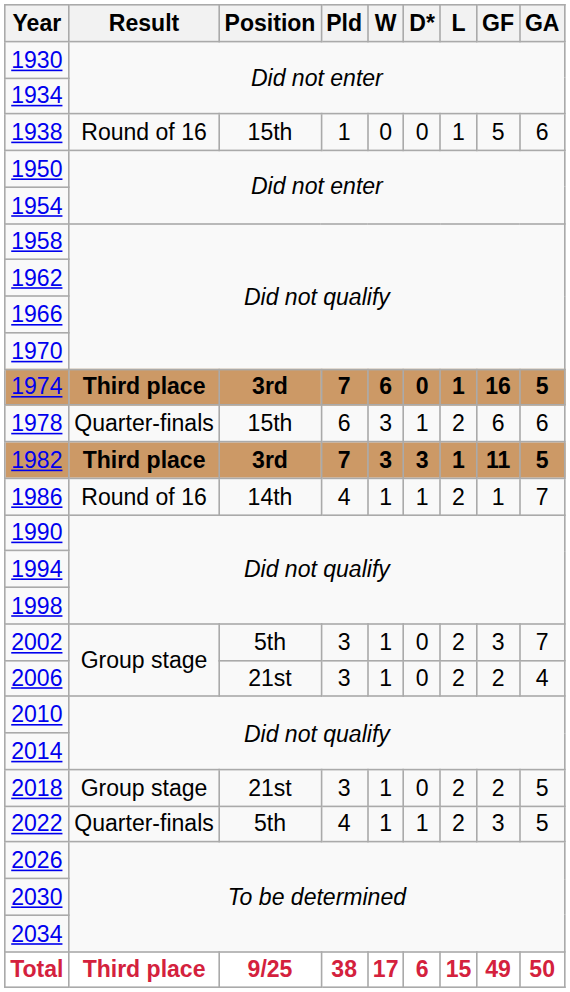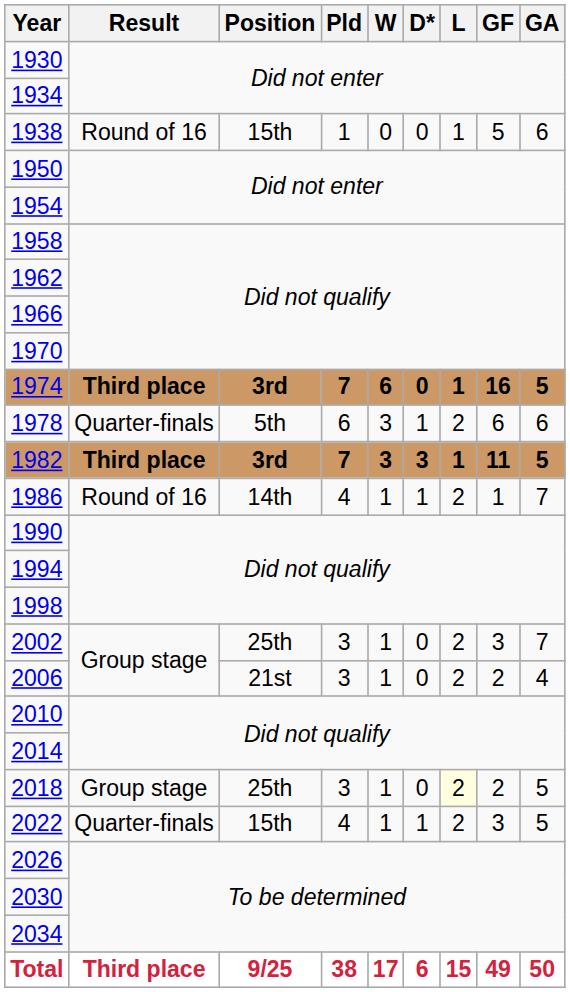 <table class="wikitable" style="font-size:90%; text-align: center;">
 <tr>
 <th>Year</th>
 <th>Result</th>
 <th>Position</th>
 <th>Pld</th>
 <th>W</th>
 <th>D*</th>
 <th>L</th>
 <th>GF</th>
 <th>GA</th>
 </tr>
 <tr>
 <td> <a href='#'>1930</a></td>
 <td rowspan=2 colspan=8><em>Did not enter</em></td>
 </tr>
 <tr>
 <td> <a href='#'>1934</a></td>
 </tr>
 <tr>
 <td> <a href='#'>1938</a></td>
 <td>Round of 16</td>
 <td>15th</td>
 <td>1</td>
 <td>0</td>
 <td>0</td>
 <td>1</td>
 <td>5</td>
 <td>6</td>
 </tr>
 <tr>
 <td> <a href='#'>1950</a></td>
 <td rowspan=2 colspan=8><em>Did not enter</em></td>
 </tr>
 <tr>
 <td> <a href='#'>1954</a></td>
 </tr>
 <tr>
 <td> <a href='#'>1958</a></td>
 <td rowspan=4 colspan=8><em>Did not qualify</em></td>
 </tr>
 <tr>
 <td> <a href='#'>1962</a></td>
 </tr>
 <tr>
 <td> <a href='#'>1966</a></td>
 </tr>
 <tr>
 <td> <a href='#'>1970</a></td>
 </tr>
 <tr style="background:#c96;">
 <td> <a href='#'>1974</a></td>
 <td><strong>Third place</strong></td>
 <td><strong>3rd</strong></td>
 <td><strong>7</strong></td>
 <td><strong>6</strong></td>
 <td><strong>0</strong></td>
 <td><strong>1</strong></td>
 <td><strong>16</strong></td>
 <td><strong>5</strong></td>
 </tr>
 <tr>
 <td> <a href='#'>1978</a></td>
 <td>Quarter-finals</td>
-<td>15th</td>
+<td>5th</td>
 <td>6</td>
 <td>3</td>
 <td>1</td>
 <td>2</td>
 <td>6</td>
 <td>6</td>
 </tr>
 <tr style="background:#c96;">
 <td> <a href='#'>1982</a></td>
 <td><strong>Third place</strong></td>
 <td><strong>3rd</strong></td>
 <td><strong>7</strong></td>
 <td><strong>3</strong></td>
 <td><strong>3</strong></td>
 <td><strong>1</strong></td>
 <td><strong>11</strong></td>
 <td><strong>5</strong></td>
 </tr>
 <tr>
 <td> <a href='#'>1986</a></td>
 <td>Round of 16</td>
 <td>14th</td>
 <td>4</td>
 <td>1</td>
 <td>1</td>
 <td>2</td>
 <td>1</td>
 <td>7</td>
 </tr>
 <tr>
 <td> <a href='#'>1990</a></td>
 <td rowspan=3 colspan=8><em>Did not qualify</em></td>
 </tr>
 <tr>
 <td> <a href='#'>1994</a></td>
 </tr>
 <tr>
 <td> <a href='#'>1998</a></td>
 </tr>
 <tr>
 <td>  <a href='#'>2002</a></td>
 <td rowspan=2>Group stage</td>
-<td>5th</td>
+<td>25th</td>
 <td>3</td>
 <td>1</td>
 <td>0</td>
 <td>2</td>
 <td>3</td>
 <td>7</td>
 </tr>
 <tr>
 <td> <a href='#'>2006</a></td>
 <td>21st</td>
 <td>3</td>
 <td>1</td>
 <td>0</td>
 <td>2</td>
 <td>2</td>
 <td>4</td>
 </tr>
 <tr>
 <td> <a href='#'>2010</a></td>
 <td rowspan=2 colspan=8><em>Did not qualify</em></td>
 </tr>
 <tr>
 <td> <a href='#'>2014</a></td>
 </tr>
 <tr>
 <td> <a href='#'>2018</a></td>
 <td>Group stage</td>
-<td>21st</td>
+<td>25th</td>
 <td>3</td>
 <td>1</td>
 <td>0</td>
-<td>2</td>
+<td style="background: lightyellow;">2</td>
 <td>2</td>
 <td>5</td>
 </tr>
 <tr>
 <td> <a href='#'>2022</a></td>
 <td>Quarter-finals</td>
-<td>5th</td>
+<td>15th</td>
 <td>4</td>
 <td>1</td>
 <td>1</td>
 <td>2</td>
 <td>3</td>
 <td>5</td>
 </tr>
 <tr>
 <td>   <a href='#'>2026</a></td>
 <td rowspan=3 colspan=8><em>To be determined</em></td>
 </tr>
 <tr>
 <td>   <a href='#'>2030</a></td>
 </tr>
 <tr>
 <td> <a href='#'>2034</a></td>
 </tr>
 <tr>
 <td style="background: white; color: #D4213D;"><strong>Total</strong></td>
 <td style="background: white; color: #D4213D;"><strong>Third place</strong></td>
 <td style="background: white; color: #D4213D;"><strong>9/25</strong></td>
 <td style="background: white; color: #D4213D;"><strong>38</strong></td>
 <td style="background: white; color: #D4213D;"><strong>17</strong></td>
 <td style="background: white; color: #D4213D;"><strong>6</strong></td>
 <td style="background: white; color: #D4213D;"><strong>15</strong></td>
 <td style="background: white; color: #D4213D;"><strong>49</strong></td>
 <td style="background: white; color: #D4213D;"><strong>50</strong></td>
 </tr>
 </table>
